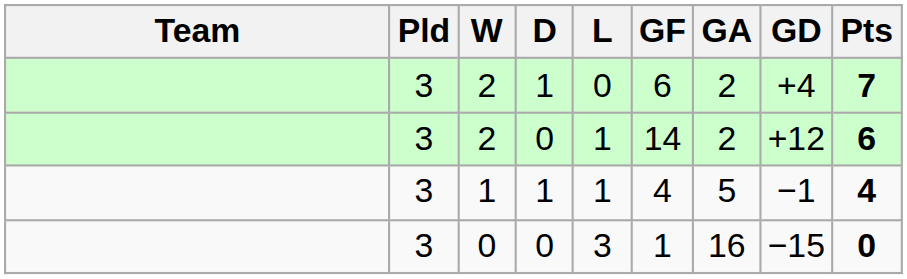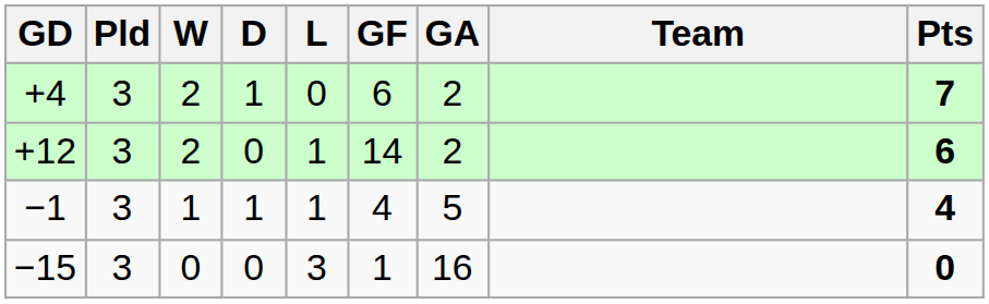 <table class="wikitable" style="text-align:center;">
 <tr>
-<th width=175>Team</th>
+<th width=20 abbr="Goal difference">GD</th>
 <th width=20 abbr="Played">Pld</th>
 <th width=20 abbr="Won">W</th>
 <th width=20 abbr="Drawn">D</th>
 <th width=20 abbr="Lost">L</th>
 <th width=20 abbr="Goals for">GF</th>
 <th width=20 abbr="Goals against">GA</th>
-<th width=20 abbr="Goal difference">GD</th>
+<th width=175>Team</th>
 <th width=20 abbr="Points">Pts</th>
 </tr>
 <tr bgcolor=#ccffcc>
-<td align=left></td>
+<td>+4</td>
 <td>3</td>
 <td>2</td>
 <td>1</td>
 <td>0</td>
 <td>6</td>
 <td>2</td>
-<td>+4</td>
+<td align=left></td>
 <td><strong>7</strong></td>
 </tr>
 <tr bgcolor=#ccffcc>
-<td align=left></td>
+<td>+12</td>
 <td>3</td>
 <td>2</td>
 <td>0</td>
 <td>1</td>
 <td>14</td>
 <td>2</td>
-<td>+12</td>
+<td align=left></td>
 <td><strong>6</strong></td>
 </tr>
 <tr>
-<td align=left></td>
+<td>−1</td>
 <td>3</td>
 <td>1</td>
 <td>1</td>
 <td>1</td>
 <td>4</td>
 <td>5</td>
-<td>−1</td>
+<td align=left></td>
 <td><strong>4</strong></td>
 </tr>
 <tr>
-<td align=left></td>
+<td>−15</td>
 <td>3</td>
 <td>0</td>
 <td>0</td>
 <td>3</td>
 <td>1</td>
 <td>16</td>
-<td>−15</td>
+<td align=left></td>
 <td><strong>0</strong></td>
 </tr>
 </table>
